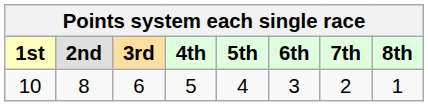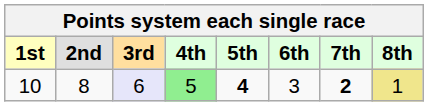 <table class="wikitable" style="font-size: 85%; text-align: center">
 <tr>
 <th colspan=19>Points system each single race</th>
 </tr>
 <tr>
 <td style="background:#ffffbf;"> <strong>1st</strong> </td>
 <td style="background:#dfdfdf;"> <strong>2nd</strong> </td>
 <td style="background:#ffdf9f;"> <strong>3rd</strong> </td>
 <td style="background:#dfffdf;"> <strong>4th</strong> </td>
 <td style="background:#dfffdf;"> <strong>5th</strong> </td>
 <td style="background:#dfffdf;"> <strong>6th</strong> </td>
 <td style="background:#dfffdf;"> <strong>7th</strong> </td>
 <td style="background:#dfffdf;"> <strong>8th</strong> </td>
 </tr>
 <tr>
 <td>10</td>
 <td>8</td>
-<td>6</td>
-<td>5</td>
-<td>4</td>
+<td style="background: lavender;">6</td>
+<td style="background: lightgreen;">5</td>
+<td><strong>4</strong></td>
 <td>3</td>
-<td>2</td>
-<td>1</td>
+<td><strong>2</strong></td>
+<td style="background: khaki;">1</td>
 </tr>
 </table>
